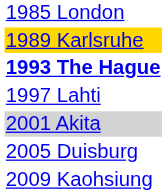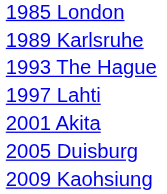 <table>
 <tr>
 <td><a href='#'>1985 London</a></td>
 <td></td>
 <td></td>
 <td><br></td>
 </tr>
 <tr>
-<td style="background: gold;"><a href='#'>1989 Karlsruhe</a></td>
+<td><a href='#'>1989 Karlsruhe</a></td>
 <td></td>
 <td></td>
 <td><br></td>
 </tr>
 <tr>
-<td><strong><a href='#'>1993 The Hague</a></strong></td>
+<td><a href='#'>1993 The Hague</a></td>
 <td></td>
 <td></td>
 <td><br></td>
 </tr>
 <tr>
 <td><a href='#'>1997 Lahti</a></td>
 <td></td>
 <td></td>
 <td><br></td>
 </tr>
 <tr>
-<td style="background: lightgrey;"><a href='#'>2001 Akita</a></td>
+<td><a href='#'>2001 Akita</a></td>
 <td></td>
 <td></td>
 <td></td>
 </tr>
 <tr>
 <td><a href='#'>2005 Duisburg</a></td>
 <td></td>
 <td></td>
 <td></td>
 </tr>
 <tr>
 <td><a href='#'>2009 Kaohsiung</a></td>
 <td></td>
 <td></td>
 <td></td>
 </tr>
 </table>
